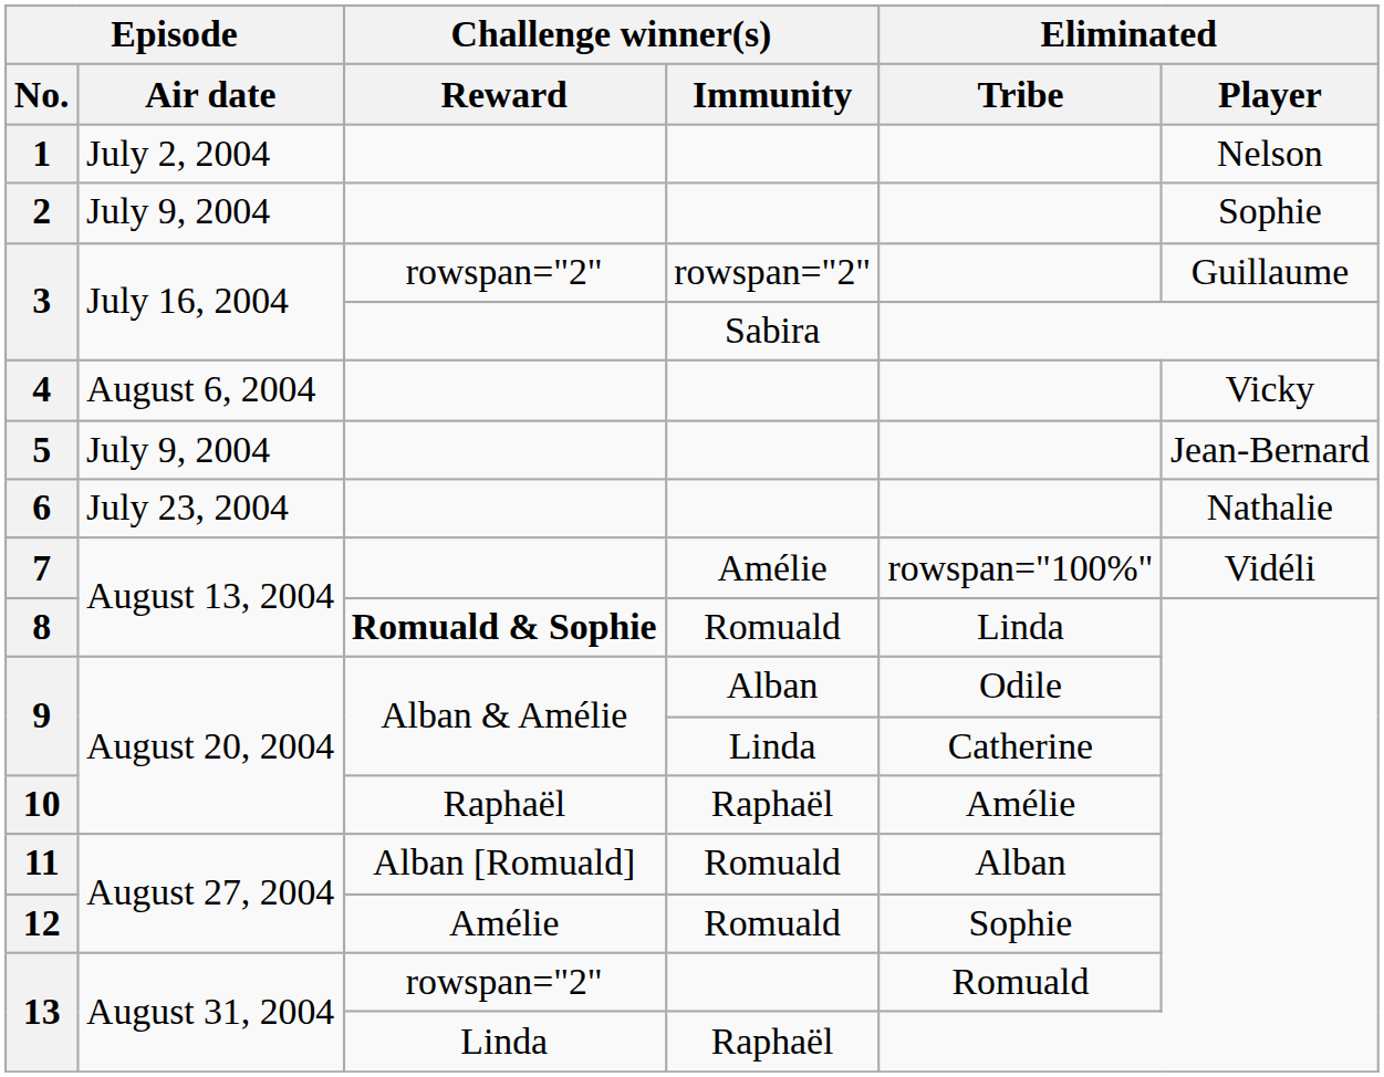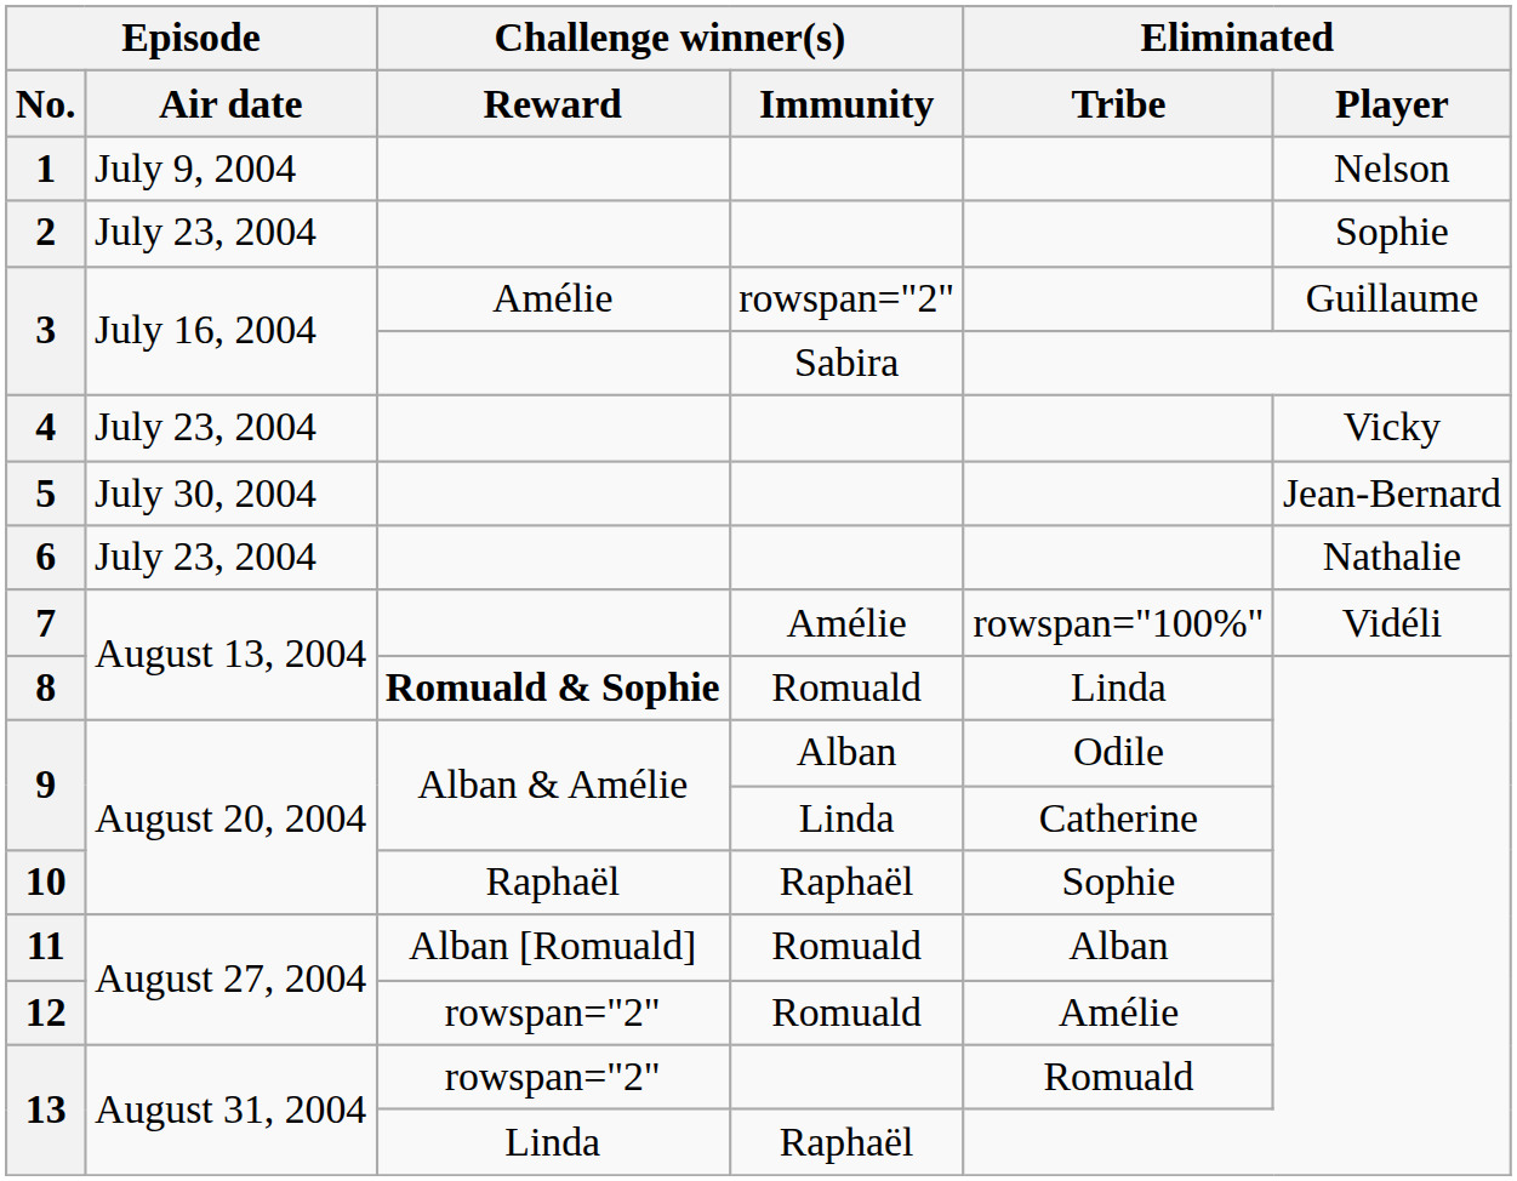 <table class="wikitable unsortable" style="text-align:center;">
 <tr>
 <th colspan="2" scope="col">Episode</th>
 <th colspan="2" scope="col">Challenge winner(s)</th>
 <th colspan="2" scope="col">Eliminated</th>
 </tr>
 <tr>
 <th scope="col">No.</th>
 <th scope="col">Air date</th>
 <th scope="col">Reward</th>
 <th scope="col">Immunity</th>
 <th scope="col">Tribe</th>
 <th scope="col">Player</th>
 </tr>
 <tr>
 <th scope="row">1</th>
-<td align="left">July 2, 2004</td>
+<td align="left">July 9, 2004</td>
 <td></td>
 <td></td>
 <td></td>
 <td>Nelson</td>
 </tr>
 <tr>
 <th scope="row">2</th>
-<td align="left">July 9, 2004</td>
+<td align="left">July 23, 2004</td>
 <td></td>
 <td></td>
 <td></td>
 <td>Sophie</td>
 </tr>
 <tr>
 <th rowspan="2" scope="row">3</th>
 <td rowspan="2" align="left">July 16, 2004</td>
-<td>rowspan="2" </td>
+<td>Amélie</td>
 <td>rowspan="2" </td>
 <td></td>
 <td>Guillaume</td>
 </tr>
 <tr>
 <td></td>
 <td>Sabira</td>
 </tr>
 <tr>
 <th scope="row">4</th>
-<td align="left">August 6, 2004</td>
+<td align="left">July 23, 2004</td>
 <td></td>
 <td></td>
 <td></td>
 <td>Vicky</td>
 </tr>
 <tr>
 <th scope="row">5</th>
-<td align="left">July 9, 2004</td>
+<td align="left">July 30, 2004</td>
 <td></td>
 <td></td>
 <td></td>
 <td>Jean-Bernard</td>
 </tr>
 <tr>
 <th scope="row">6</th>
 <td align="left">July 23, 2004</td>
 <td></td>
 <td></td>
 <td></td>
 <td>Nathalie</td>
 </tr>
 <tr>
 <th scope="row">7</th>
 <td rowspan="2" align="left">August 13, 2004</td>
 <td></td>
 <td>Amélie</td>
 <td>rowspan="100%" </td>
 <td>Vidéli</td>
 </tr>
 <tr>
 <th scope="row">8</th>
 <td><strong>Romuald & Sophie</strong></td>
 <td>Romuald</td>
 <td>Linda</td>
 </tr>
 <tr>
 <th rowspan="2" scope="row">9</th>
 <td rowspan="3" align="left">August 20, 2004</td>
 <td rowspan="2">Alban & Amélie</td>
 <td>Alban</td>
 <td>Odile</td>
 </tr>
 <tr>
 <td>Linda</td>
 <td>Catherine</td>
 </tr>
 <tr>
 <th scope="row">10</th>
 <td>Raphaël</td>
 <td>Raphaël</td>
-<td>Amélie</td>
+<td>Sophie</td>
 </tr>
 <tr>
 <th scope="row">11</th>
 <td rowspan="2" align="left">August 27, 2004</td>
 <td>Alban [Romuald]</td>
 <td>Romuald</td>
 <td>Alban</td>
 </tr>
 <tr>
 <th scope="row">12</th>
+<td>rowspan="2" </td>
+<td>Romuald</td>
 <td>Amélie</td>
-<td>Romuald</td>
-<td>Sophie</td>
 </tr>
 <tr>
 <th rowspan="2" scope="row">13</th>
 <td rowspan="2" align="left">August 31, 2004</td>
 <td>rowspan="2" </td>
 <td></td>
 <td>Romuald</td>
 </tr>
 <tr>
 <td>Linda</td>
 <td>Raphaël</td>
 </tr>
 </table>
